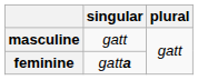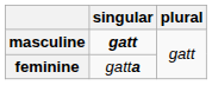 <table class="wikitable" style="text-align:center">
 <tr>
 <th> </th>
 <th>singular</th>
 <th>plural</th>
 </tr>
 <tr>
 <th>masculine</th>
-<td><em>gatt</em></td>
+<td><strong><em>gatt</em></strong></td>
 <td rowspan="2" valign="center"><em>gatt</em></td>
 </tr>
 <tr>
 <th>feminine</th>
 <td><em>gatt<strong>a<strong><em></td>
 </tr>
 </table>
